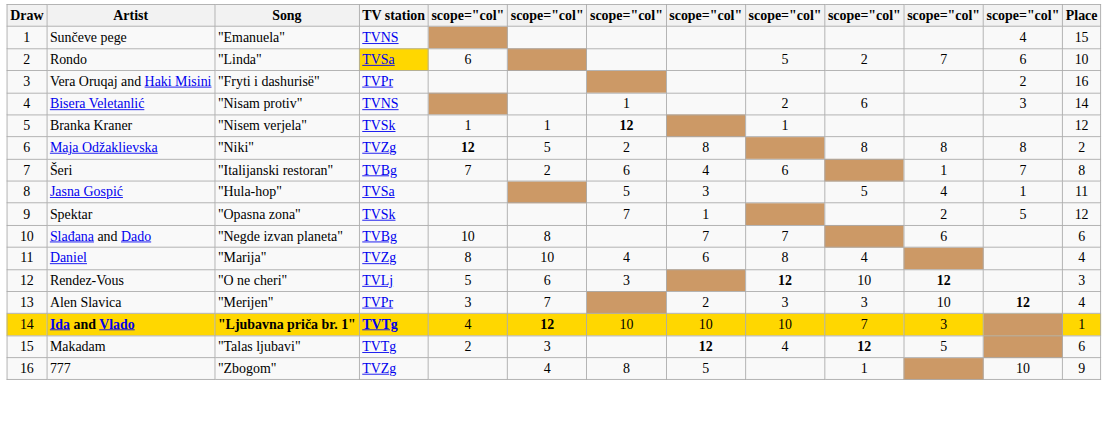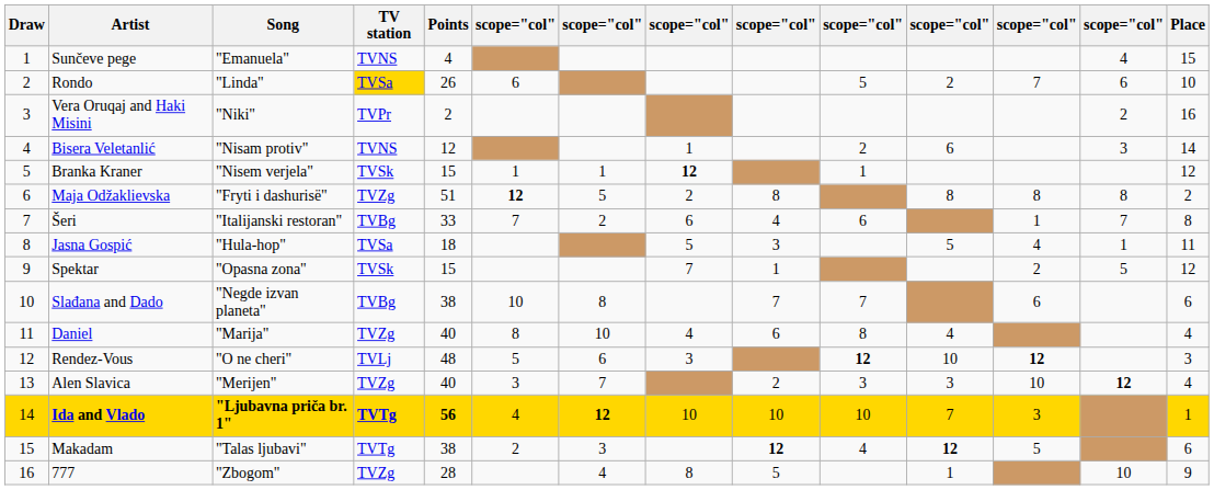 <table class="wikitable plainrowheaders" style="margin: 1em auto 1em auto; text-align:center;">
 <tr>
 <th scope="col">Draw</th>
 <th scope="col">Artist</th>
 <th scope="col">Song</th>
 <th scope="col">TV station</th>
+<th scope="col">Points</th>
 <th>scope="col" </th>
 <th>scope="col" </th>
 <th>scope="col" </th>
 <th>scope="col" </th>
 <th>scope="col" </th>
 <th>scope="col" </th>
 <th>scope="col" </th>
 <th>scope="col" </th>
 <th scope="col">Place</th>
 </tr>
 <tr>
 <td>1</td>
 <td align="left">Sunčeve pege</td>
 <td align="left">"Emanuela"</td>
 <td align="left"> <a href='#'>TVNS</a></td>
+<td>4</td>
 <td bgcolor="CC9966"></td>
 <td></td>
 <td></td>
 <td></td>
 <td></td>
 <td></td>
 <td></td>
 <td>4</td>
 <td>15</td>
 </tr>
 <tr>
 <td>2</td>
 <td align="left">Rondo</td>
 <td align="left">"Linda"</td>
 <td align="left" style="background: gold;"> <a href='#'>TVSa</a></td>
+<td>26</td>
 <td>6</td>
 <td bgcolor="CC9966"></td>
 <td></td>
 <td></td>
 <td>5</td>
 <td>2</td>
 <td>7</td>
 <td>6</td>
 <td>10</td>
 </tr>
 <tr>
 <td>3</td>
 <td align="left">Vera Oruqaj and <a href='#'>Haki Misini</a></td>
-<td align="left">"Fryti i dashurisë"</td>
+<td align="left">"Niki"</td>
 <td align="left"> <a href='#'>TVPr</a></td>
+<td>2</td>
 <td></td>
 <td></td>
 <td bgcolor="CC9966"></td>
 <td></td>
 <td></td>
 <td></td>
 <td></td>
 <td>2</td>
 <td>16</td>
 </tr>
 <tr>
 <td>4</td>
 <td align="left"><a href='#'>Bisera Veletanlić</a></td>
 <td align="left">"Nisam protiv"</td>
 <td align="left"> <a href='#'>TVNS</a></td>
+<td>12</td>
 <td bgcolor="CC9966"></td>
 <td></td>
 <td>1</td>
 <td></td>
 <td>2</td>
 <td>6</td>
 <td></td>
 <td>3</td>
 <td>14</td>
 </tr>
 <tr>
 <td>5</td>
 <td align="left">Branka Kraner</td>
 <td align="left">"Nisem verjela"</td>
 <td align="left"> <a href='#'>TVSk</a></td>
+<td>15</td>
 <td>1</td>
 <td>1</td>
 <td><strong>12</strong></td>
 <td bgcolor="CC9966"></td>
 <td>1</td>
 <td></td>
 <td></td>
 <td></td>
 <td>12</td>
 </tr>
 <tr>
 <td>6</td>
 <td align="left"><a href='#'>Maja Odžaklievska</a></td>
-<td align="left">"Niki"</td>
+<td align="left">"Fryti i dashurisë"</td>
 <td align="left"> <a href='#'>TVZg</a></td>
+<td>51</td>
 <td><strong>12</strong></td>
 <td>5</td>
 <td>2</td>
 <td>8</td>
 <td bgcolor="CC9966"></td>
 <td>8</td>
 <td>8</td>
 <td>8</td>
 <td>2</td>
 </tr>
 <tr>
 <td>7</td>
 <td align="left">Šeri</td>
 <td align="left">"Italijanski restoran"</td>
 <td align="left"> <a href='#'>TVBg</a></td>
+<td>33</td>
 <td>7</td>
 <td>2</td>
 <td>6</td>
 <td>4</td>
 <td>6</td>
 <td bgcolor="CC9966"></td>
 <td>1</td>
 <td>7</td>
 <td>8</td>
 </tr>
 <tr>
 <td>8</td>
 <td align="left"><a href='#'>Jasna Gospić</a></td>
 <td align="left">"Hula-hop"</td>
 <td align="left"> <a href='#'>TVSa</a></td>
+<td>18</td>
 <td></td>
 <td bgcolor="CC9966"></td>
 <td>5</td>
 <td>3</td>
 <td></td>
 <td>5</td>
 <td>4</td>
 <td>1</td>
 <td>11</td>
 </tr>
 <tr>
 <td>9</td>
 <td align="left">Spektar</td>
 <td align="left">"Opasna zona"</td>
 <td align="left"> <a href='#'>TVSk</a></td>
+<td>15</td>
 <td></td>
 <td></td>
 <td>7</td>
 <td>1</td>
 <td bgcolor="CC9966"></td>
 <td></td>
 <td>2</td>
 <td>5</td>
 <td>12</td>
 </tr>
 <tr>
 <td>10</td>
 <td align="left"><a href='#'>Slađana</a> and <a href='#'>Dado</a></td>
 <td align="left">"Negde izvan planeta"</td>
 <td align="left"> <a href='#'>TVBg</a></td>
+<td>38</td>
 <td>10</td>
 <td>8</td>
 <td></td>
 <td>7</td>
 <td>7</td>
 <td bgcolor="CC9966"></td>
 <td>6</td>
 <td></td>
 <td>6</td>
 </tr>
 <tr>
 <td>11</td>
 <td align="left"><a href='#'>Daniel</a></td>
 <td align="left">"Marija"</td>
 <td align="left"> <a href='#'>TVZg</a></td>
+<td>40</td>
 <td>8</td>
 <td>10</td>
 <td>4</td>
 <td>6</td>
 <td>8</td>
 <td>4</td>
 <td bgcolor="CC9966"></td>
 <td></td>
 <td>4</td>
 </tr>
 <tr>
 <td>12</td>
 <td align="left">Rendez-Vous</td>
 <td align="left">"O ne cheri"</td>
 <td align="left"> <a href='#'>TVLj</a></td>
+<td>48</td>
 <td>5</td>
 <td>6</td>
 <td>3</td>
 <td bgcolor="CC9966"></td>
 <td><strong>12</strong></td>
 <td>10</td>
 <td><strong>12</strong></td>
 <td></td>
 <td>3</td>
 </tr>
 <tr>
 <td>13</td>
 <td align="left">Alen Slavica</td>
 <td align="left">"Merijen"</td>
-<td align="left"> <a href='#'>TVPr</a></td>
+<td align="left"> <a href='#'>TVZg</a></td>
+<td>40</td>
 <td>3</td>
 <td>7</td>
 <td bgcolor="CC9966"></td>
 <td>2</td>
 <td>3</td>
 <td>3</td>
 <td>10</td>
 <td><strong>12</strong></td>
 <td>4</td>
 </tr>
 <tr bgcolor = "#FFD700">
 <td>14</td>
 <td align="left"><strong><a href='#'>Ida</a> and <a href='#'>Vlado</a></strong></td>
 <td align="left"><strong>"Ljubavna priča br. 1"</strong></td>
 <td align="left"> <strong><a href='#'>TVTg</a></strong></td>
+<td><strong>56</strong></td>
 <td>4</td>
 <td><strong>12</strong></td>
 <td>10</td>
 <td>10</td>
 <td>10</td>
 <td>7</td>
 <td>3</td>
 <td bgcolor="CC9966"></td>
 <td>1</td>
 </tr>
 <tr>
 <td>15</td>
 <td align="left">Makadam</td>
 <td align="left">"Talas ljubavi"</td>
 <td align="left"> <a href='#'>TVTg</a></td>
+<td>38</td>
 <td>2</td>
 <td>3</td>
 <td></td>
 <td><strong>12</strong></td>
 <td>4</td>
 <td><strong>12</strong></td>
 <td>5</td>
 <td bgcolor="CC9966"></td>
 <td>6</td>
 </tr>
 <tr>
 <td>16</td>
 <td align="left">777</td>
 <td align="left">"Zbogom"</td>
 <td align="left"> <a href='#'>TVZg</a></td>
+<td>28</td>
 <td></td>
 <td>4</td>
 <td>8</td>
 <td>5</td>
 <td></td>
 <td>1</td>
 <td bgcolor="CC9966"></td>
 <td>10</td>
 <td>9</td>
 </tr>
 </table>
